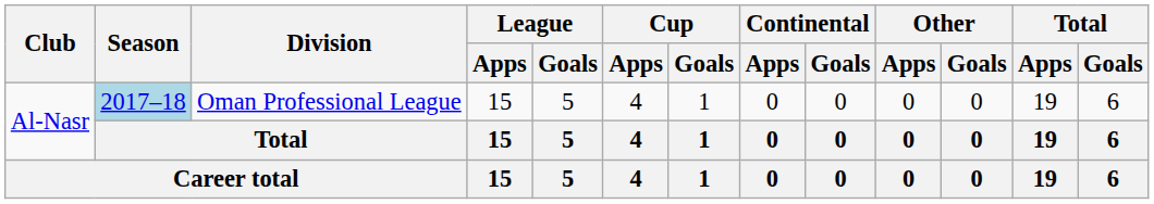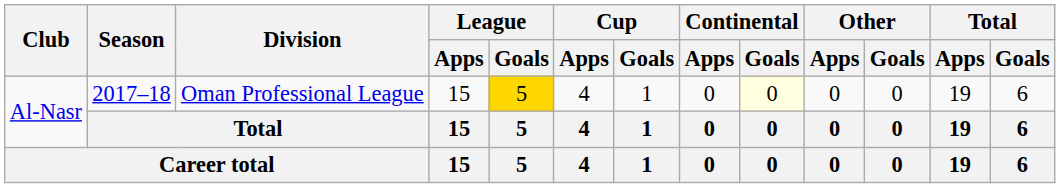 <table class="wikitable" style="text-align: center;">
 <tr>
 <th rowspan="2">Club</th>
 <th rowspan="2">Season</th>
 <th rowspan="2">Division</th>
 <th colspan="2">League</th>
 <th colspan="2">Cup</th>
 <th colspan="2">Continental</th>
 <th colspan="2">Other</th>
 <th colspan="2">Total</th>
 </tr>
 <tr>
 <th>Apps</th>
 <th>Goals</th>
 <th>Apps</th>
 <th>Goals</th>
 <th>Apps</th>
 <th>Goals</th>
 <th>Apps</th>
 <th>Goals</th>
 <th>Apps</th>
 <th>Goals</th>
 </tr>
 <tr>
 <td rowspan="2"><a href='#'>Al-Nasr</a></td>
-<td style="background: lightblue;"><a href='#'>2017–18</a></td>
+<td><a href='#'>2017–18</a></td>
 <td rowspan="1"><a href='#'>Oman Professional League</a></td>
 <td>15</td>
-<td>5</td>
+<td style="background: gold;">5</td>
 <td>4</td>
 <td>1</td>
 <td>0</td>
-<td>0</td>
+<td style="background: lightyellow;">0</td>
 <td>0</td>
 <td>0</td>
 <td>19</td>
 <td>6</td>
 </tr>
 <tr>
 <th colspan="2">Total</th>
 <th>15</th>
 <th>5</th>
 <th>4</th>
 <th>1</th>
 <th>0</th>
 <th>0</th>
 <th>0</th>
 <th>0</th>
 <th>19</th>
 <th>6</th>
 </tr>
 <tr>
 <th colspan="3">Career total</th>
 <th>15</th>
 <th>5</th>
 <th>4</th>
 <th>1</th>
 <th>0</th>
 <th>0</th>
 <th>0</th>
 <th>0</th>
 <th>19</th>
 <th>6</th>
 </tr>
 </table>
